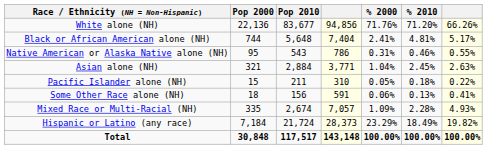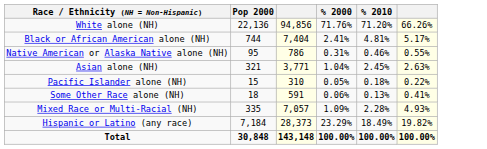 <table class="wikitable" style="text-align:center;">
 <tr>
 <th>Race / Ethnicity <small>(<em>NH = Non-Hispanic</em>)</small></th>
 <th>Pop 2000</th>
-<th>Pop 2010</th>
 <th></th>
 <th>% 2000</th>
 <th>% 2010</th>
 <th></th>
 </tr>
 <tr>
 <td><a href='#'>White</a> alone (NH)</td>
 <td>22,136</td>
-<td>83,677</td>
 <td style='background: #ffffe6;'>94,856</td>
 <td>71.76%</td>
 <td>71.20%</td>
 <td style='background: #ffffe6;'>66.26%</td>
 </tr>
 <tr>
 <td><a href='#'>Black or African American</a> alone (NH)</td>
 <td>744</td>
-<td>5,648</td>
 <td style='background: #ffffe6;'>7,404</td>
 <td>2.41%</td>
 <td>4.81%</td>
 <td style='background: #ffffe6;'>5.17%</td>
 </tr>
 <tr>
 <td><a href='#'>Native American</a> or <a href='#'>Alaska Native</a> alone (NH)</td>
 <td>95</td>
-<td>543</td>
 <td style='background: #ffffe6;'>786</td>
 <td>0.31%</td>
 <td>0.46%</td>
 <td style='background: #ffffe6;'>0.55%</td>
 </tr>
 <tr>
 <td><a href='#'>Asian</a> alone (NH)</td>
 <td>321</td>
-<td>2,884</td>
 <td style='background: #ffffe6;'>3,771</td>
 <td>1.04%</td>
 <td>2.45%</td>
 <td style='background: #ffffe6;'>2.63%</td>
 </tr>
 <tr>
 <td><a href='#'>Pacific Islander</a> alone (NH)</td>
 <td>15</td>
-<td>211</td>
 <td style='background: #ffffe6;'>310</td>
 <td>0.05%</td>
 <td>0.18%</td>
 <td style='background: #ffffe6;'>0.22%</td>
 </tr>
 <tr>
 <td><a href='#'>Some Other Race</a> alone (NH)</td>
 <td>18</td>
-<td>156</td>
 <td style='background: #ffffe6;'>591</td>
 <td>0.06%</td>
 <td>0.13%</td>
 <td style='background: #ffffe6;'>0.41%</td>
 </tr>
 <tr>
 <td><a href='#'>Mixed Race or Multi-Racial</a> (NH)</td>
 <td>335</td>
-<td>2,674</td>
 <td style='background: #ffffe6;'>7,057</td>
 <td>1.09%</td>
 <td>2.28%</td>
 <td style='background: #ffffe6;'>4.93%</td>
 </tr>
 <tr>
 <td><a href='#'>Hispanic or Latino</a> (any race)</td>
 <td>7,184</td>
-<td>21,724</td>
 <td style='background: #ffffe6;'>28,373</td>
 <td>23.29%</td>
 <td>18.49%</td>
 <td style='background: #ffffe6;'>19.82%</td>
 </tr>
 <tr>
 <td><strong>Total</strong></td>
 <td><strong>30,848</strong></td>
-<td><strong>117,517</strong></td>
 <td style='background: #ffffe6;'><strong>143,148</strong></td>
 <td><strong>100.00%</strong></td>
 <td><strong>100.00%</strong></td>
 <td style='background: #ffffe6;'><strong>100.00%</strong></td>
 </tr>
 </table>
